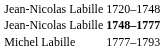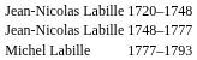 <table>
 <tr>
 <td>Jean-Nicolas Labille</td>
 <td>1720–1748</td>
 </tr>
 <tr>
 <td>Jean-Nicolas Labille</td>
-<td><strong>1748–1777</strong></td>
+<td>1748–1777</td>
 </tr>
 <tr>
 <td>Michel Labille</td>
 <td>1777–1793</td>
 </tr>
 </table>
